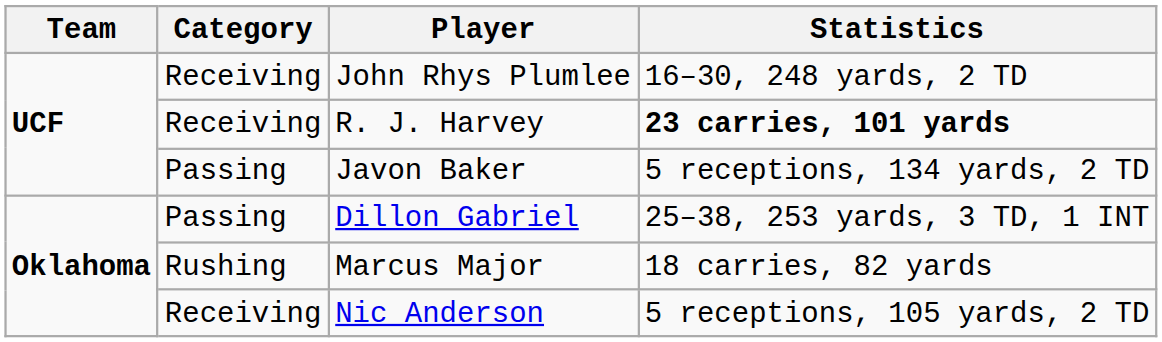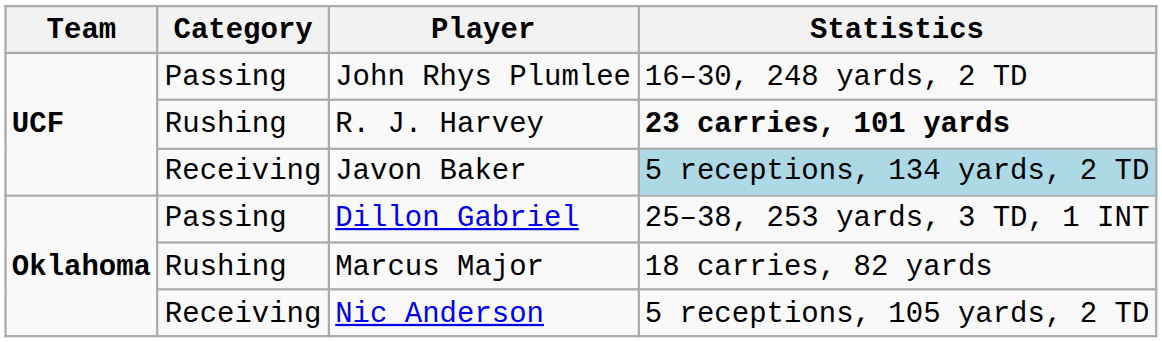 <table class="wikitable" style="float: right;">
 <tr>
 <th>Team</th>
 <th>Category</th>
 <th>Player</th>
 <th>Statistics</th>
 </tr>
 <tr>
 <td rowspan=3><strong>UCF</strong></td>
-<td>Receiving</td>
+<td>Passing</td>
 <td>John Rhys Plumlee</td>
 <td>16–30, 248 yards, 2 TD</td>
 </tr>
 <tr>
-<td>Receiving</td>
+<td>Rushing</td>
 <td>R. J. Harvey</td>
 <td><strong>23 carries, 101 yards</strong></td>
 </tr>
 <tr>
-<td>Passing</td>
+<td>Receiving</td>
 <td>Javon Baker</td>
-<td>5 receptions, 134 yards, 2 TD</td>
+<td style="background: lightblue;">5 receptions, 134 yards, 2 TD</td>
 </tr>
 <tr>
 <td rowspan=3><strong>Oklahoma</strong></td>
 <td>Passing</td>
 <td><a href='#'>Dillon Gabriel</a></td>
 <td>25–38, 253 yards, 3 TD, 1 INT</td>
 </tr>
 <tr>
 <td>Rushing</td>
 <td>Marcus Major</td>
 <td>18 carries, 82 yards</td>
 </tr>
 <tr>
 <td>Receiving</td>
 <td><a href='#'>Nic Anderson</a></td>
 <td>5 receptions, 105 yards, 2 TD</td>
 </tr>
 </table>
